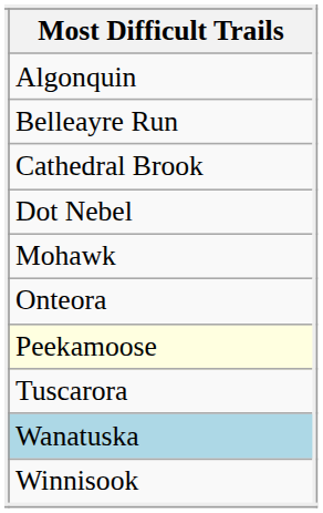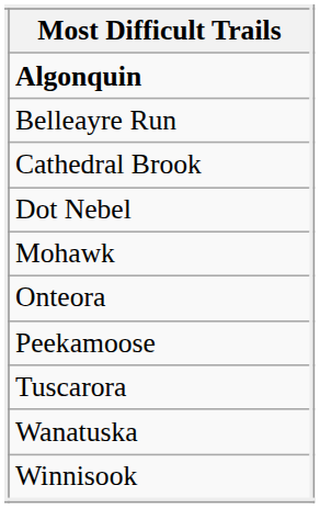 <table class="wikitable" style="margin:10px; float:left; border: inset; border-collapse:collapse;" border="2" width="20%">
 <tr>
 <th>Most Difficult Trails </th>
 </tr>
 <tr>
-<td>Algonquin</td>
+<td><strong>Algonquin</strong></td>
 </tr>
 <tr>
 <td>Belleayre Run</td>
 </tr>
 <tr>
 <td>Cathedral Brook</td>
 </tr>
 <tr>
 <td>Dot Nebel</td>
 </tr>
 <tr>
 <td>Mohawk</td>
 </tr>
 <tr>
 <td>Onteora</td>
 </tr>
 <tr>
-<td style="background: lightyellow;">Peekamoose</td>
+<td>Peekamoose</td>
 </tr>
 <tr>
 <td>Tuscarora</td>
 </tr>
 <tr>
-<td style="background: lightblue;">Wanatuska</td>
+<td>Wanatuska</td>
 </tr>
 <tr>
 <td>Winnisook</td>
 </tr>
 </table>
